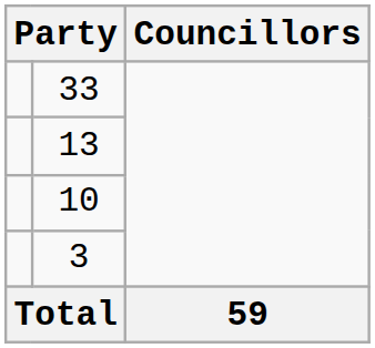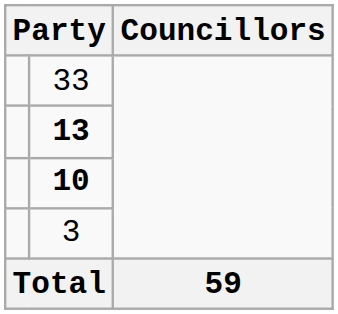 <table class="wikitable">
 <tr>
 <th colspan="2">Party</th>
 <th>Councillors</th>
 </tr>
 <tr>
 <td></td>
 <td align=center>33</td>
 </tr>
 <tr>
 <td></td>
-<td align=center>13</td>
+<td align=center><strong>13</strong></td>
 </tr>
 <tr>
 <td></td>
-<td align=center>10</td>
+<td align=center><strong>10</strong></td>
 </tr>
 <tr>
 <td></td>
 <td align=center>3</td>
 </tr>
 <tr>
 <th colspan=2>Total</th>
 <th align=center>59</th>
 </tr>
 </table>
